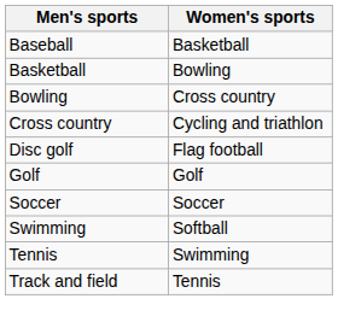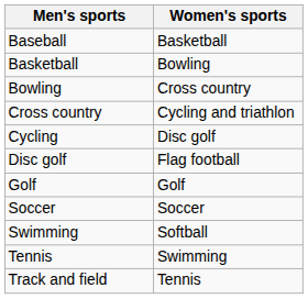 <table class="wikitable" style="text-align: ">
 <tr>
 <th width=150px>Men's sports</th>
 <th width=150px>Women's sports</th>
 </tr>
 <tr>
 <td>Baseball</td>
 <td>Basketball</td>
 </tr>
 <tr>
 <td>Basketball</td>
 <td>Bowling</td>
 </tr>
 <tr>
 <td>Bowling</td>
 <td>Cross country</td>
 </tr>
 <tr>
 <td>Cross country</td>
 <td>Cycling and triathlon</td>
+</tr>
+<tr>
+<td>Cycling</td>
+<td>Disc golf</td>
 </tr>
 <tr>
 <td>Disc golf</td>
 <td>Flag football</td>
 </tr>
 <tr>
 <td>Golf</td>
 <td>Golf</td>
 </tr>
 <tr>
 <td>Soccer</td>
 <td>Soccer</td>
 </tr>
 <tr>
 <td>Swimming</td>
 <td>Softball</td>
 </tr>
 <tr>
 <td>Tennis</td>
 <td>Swimming</td>
 </tr>
 <tr>
 <td>Track and field</td>
 <td>Tennis</td>
 </tr>
 </table>
